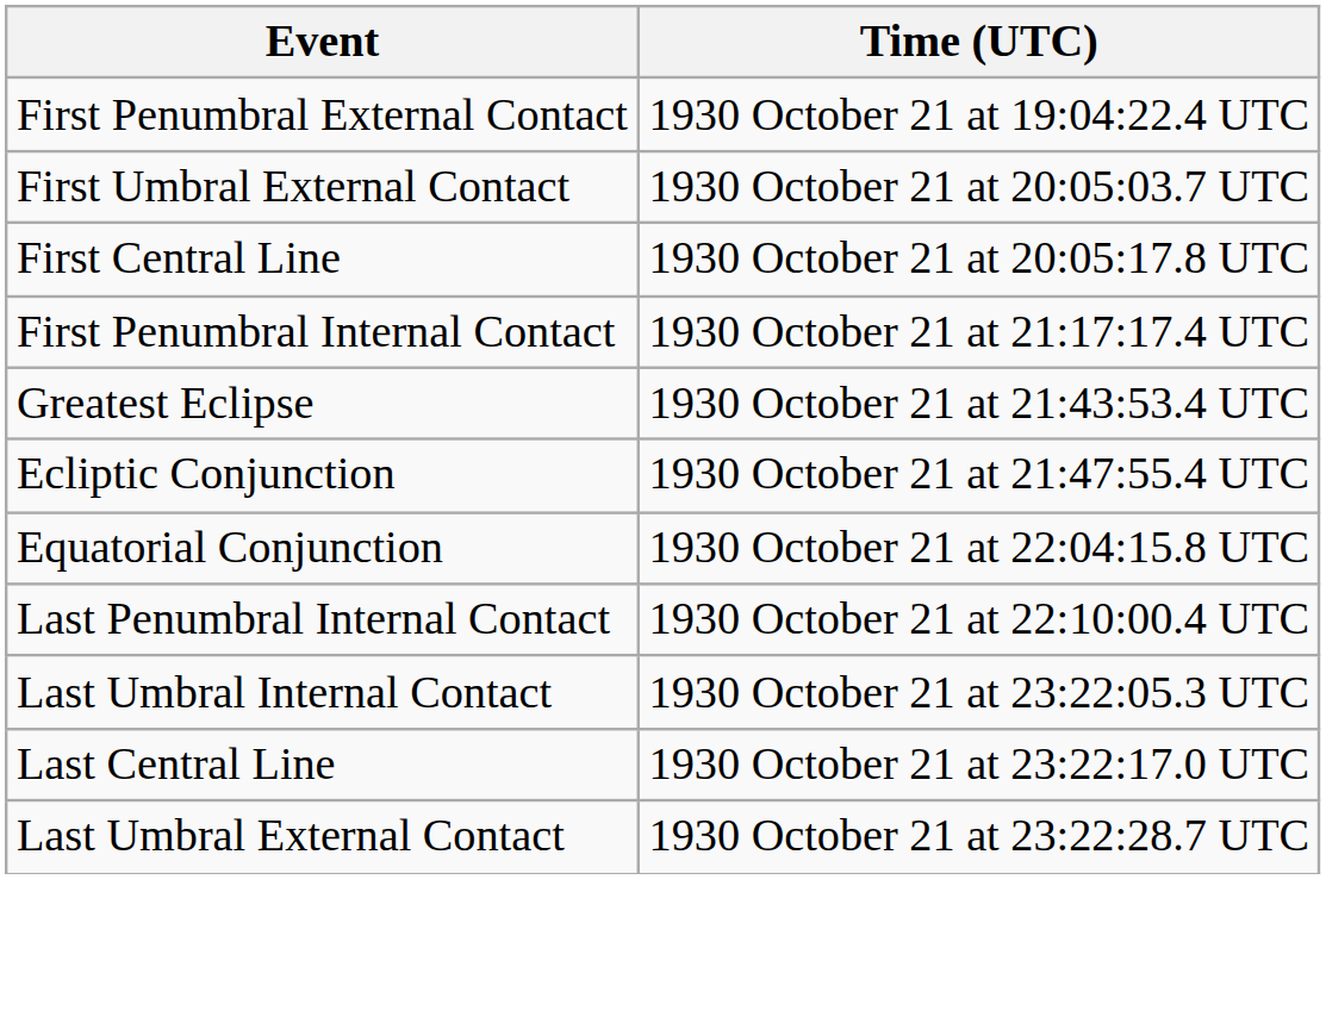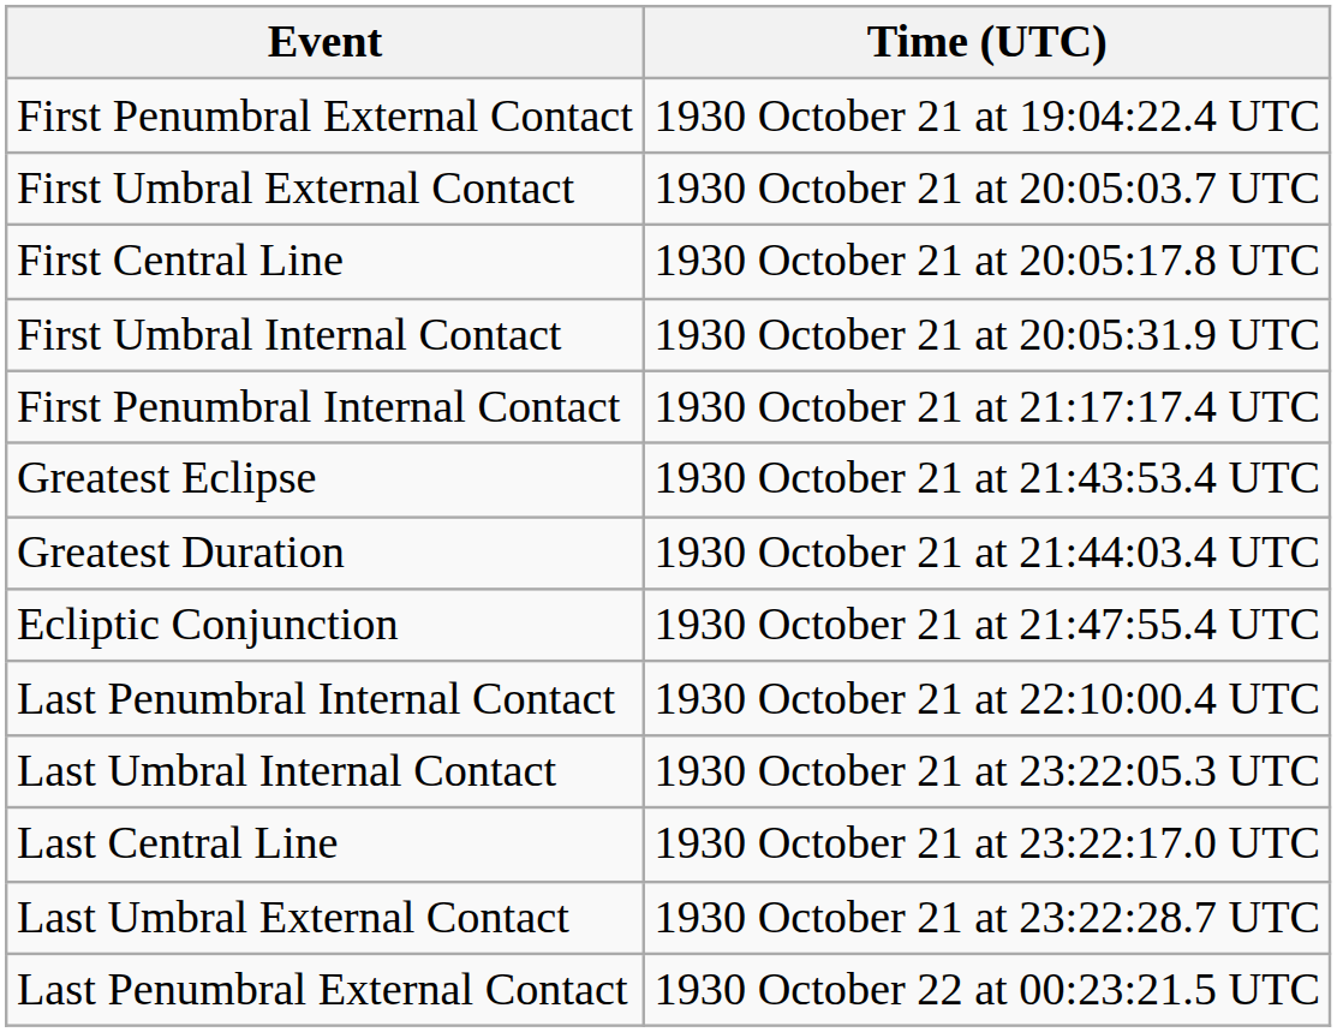 <table class="wikitable">
 <tr>
 <th>Event</th>
 <th>Time (UTC)</th>
 </tr>
 <tr>
 <td>First Penumbral External Contact</td>
 <td>1930 October 21 at 19:04:22.4 UTC</td>
 </tr>
 <tr>
 <td>First Umbral External Contact</td>
 <td>1930 October 21 at 20:05:03.7 UTC</td>
 </tr>
 <tr>
 <td>First Central Line</td>
 <td>1930 October 21 at 20:05:17.8 UTC</td>
 </tr>
 <tr>
+<td>First Umbral Internal Contact</td>
+<td>1930 October 21 at 20:05:31.9 UTC</td>
+</tr>
+<tr>
 <td>First Penumbral Internal Contact</td>
 <td>1930 October 21 at 21:17:17.4 UTC</td>
 </tr>
 <tr>
 <td>Greatest Eclipse</td>
 <td>1930 October 21 at 21:43:53.4 UTC</td>
 </tr>
 <tr>
+<td>Greatest Duration</td>
+<td>1930 October 21 at 21:44:03.4 UTC</td>
+</tr>
+<tr>
 <td>Ecliptic Conjunction</td>
 <td>1930 October 21 at 21:47:55.4 UTC</td>
-</tr>
-<tr>
-<td>Equatorial Conjunction</td>
-<td>1930 October 21 at 22:04:15.8 UTC</td>
 </tr>
 <tr>
 <td>Last Penumbral Internal Contact</td>
 <td>1930 October 21 at 22:10:00.4 UTC</td>
 </tr>
 <tr>
 <td>Last Umbral Internal Contact</td>
 <td>1930 October 21 at 23:22:05.3 UTC</td>
 </tr>
 <tr>
 <td>Last Central Line</td>
 <td>1930 October 21 at 23:22:17.0 UTC</td>
 </tr>
 <tr>
 <td>Last Umbral External Contact</td>
 <td>1930 October 21 at 23:22:28.7 UTC</td>
 </tr>
+<tr>
+<td>Last Penumbral External Contact</td>
+<td>1930 October 22 at 00:23:21.5 UTC</td>
+</tr>
 </table>
